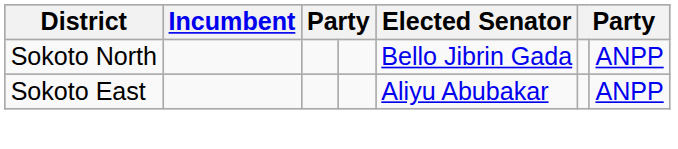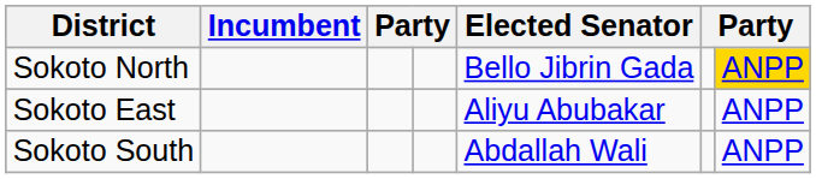 <table class="sortable wikitable" style="font-size:95%;line-height:14px;">
 <tr>
 <th class="unsortable">District</th>
 <th class="unsortable"><a href='#'>Incumbent</a></th>
 <th colspan="2">Party</th>
 <th class="unsortable">Elected Senator</th>
 <th colspan="2">Party</th>
 </tr>
 <tr>
 <td>Sokoto North</td>
 <td></td>
 <td></td>
 <td></td>
 <td><a href='#'>Bello Jibrin Gada</a></td>
 <td style="background:"></td>
-<td><a href='#'>ANPP</a></td>
+<td style="background: gold;"><a href='#'>ANPP</a></td>
 </tr>
 <tr>
 <td>Sokoto East</td>
 <td></td>
 <td></td>
 <td></td>
 <td><a href='#'>Aliyu Abubakar</a></td>
 <td style="background:"></td>
 <td><a href='#'>ANPP</a></td>
 </tr>
+<tr>
+<td>Sokoto South</td>
+<td></td>
+<td></td>
+<td></td>
+<td><a href='#'>Abdallah Wali</a></td>
+<td style="background:"></td>
+<td><a href='#'>ANPP</a></td>
+</tr>
 </table>
